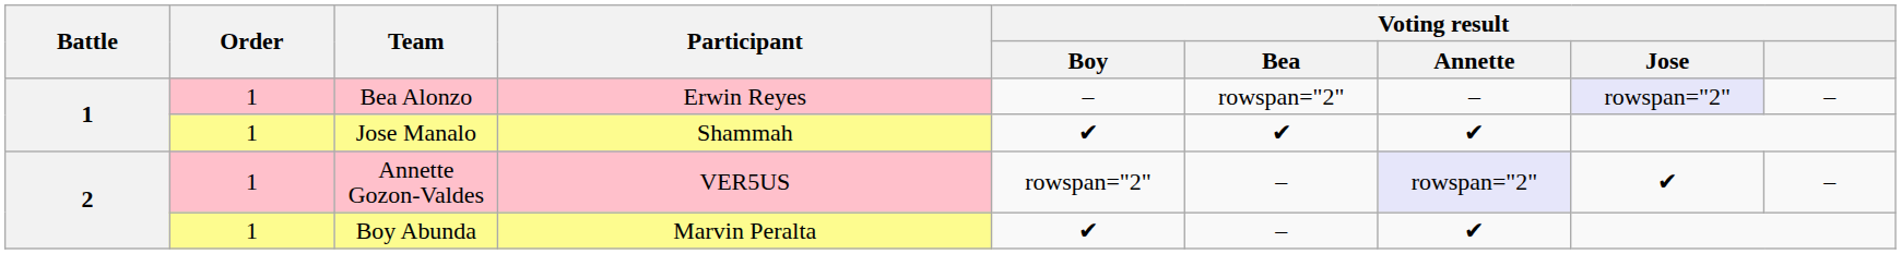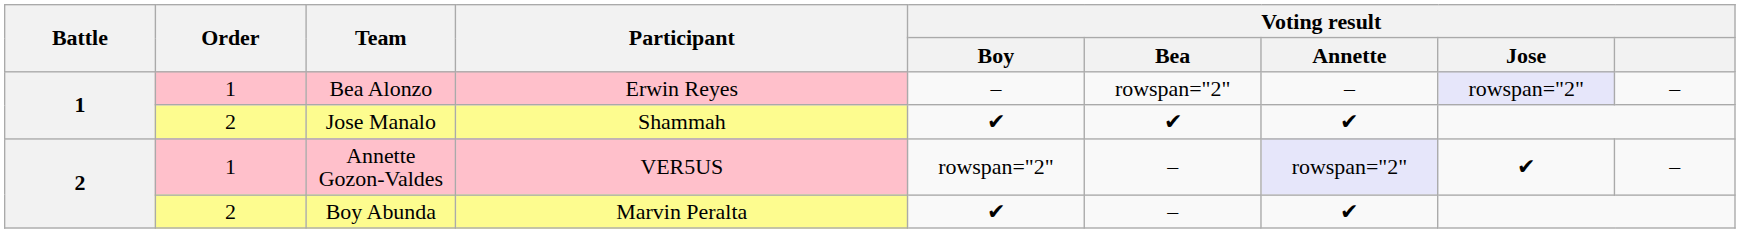 <table class="wikitable" style="text-align:center; line-height:17px; width:100%;">
 <tr>
 <th scope="col" rowspan="2" width="05%">Battle</th>
 <th scope="col" rowspan="2" width="05%">Order</th>
 <th scope="col" rowspan="2" width="05%">Team</th>
 <th scope="col" rowspan="2" width="15%">Participant</th>
 <th scope="col" colspan="5" width="20%">Voting result</th>
 </tr>
 <tr>
 <th width="4%">Boy</th>
 <th width="4%">Bea</th>
 <th width="4%">Annette</th>
 <th width="4%">Jose</th>
 <th width="4%"></th>
 </tr>
 <tr>
 <th rowspan="2">1</th>
 <td style="background:pink;">1</td>
 <td style="background:pink;">Bea Alonzo</td>
 <td style="background:pink;">Erwin Reyes</td>
 <td>–</td>
 <td>rowspan="2" </td>
 <td>–</td>
 <td style="background: lavender;">rowspan="2" </td>
 <td>–</td>
 </tr>
 <tr>
-<td style="background:#fdfc8f;">1</td>
+<td style="background:#fdfc8f;">2</td>
 <td style="background:#fdfc8f;">Jose Manalo</td>
 <td style="background:#fdfc8f;">Shammah</td>
 <td>✔</td>
 <td>✔</td>
 <td>✔</td>
 </tr>
 <tr>
 <th rowspan="2">2</th>
 <td style="background:pink;">1</td>
 <td style="background:pink;">Annette Gozon-Valdes</td>
 <td style="background:pink;">VER5US</td>
 <td>rowspan="2" </td>
 <td>–</td>
 <td style="background: lavender;">rowspan="2" </td>
 <td>✔</td>
 <td>–</td>
 </tr>
 <tr>
-<td style="background:#fdfc8f;">1</td>
+<td style="background:#fdfc8f;">2</td>
 <td style="background:#fdfc8f;">Boy Abunda</td>
 <td style="background:#fdfc8f;">Marvin Peralta</td>
 <td>✔</td>
 <td>–</td>
 <td>✔</td>
 </tr>
 </table>
